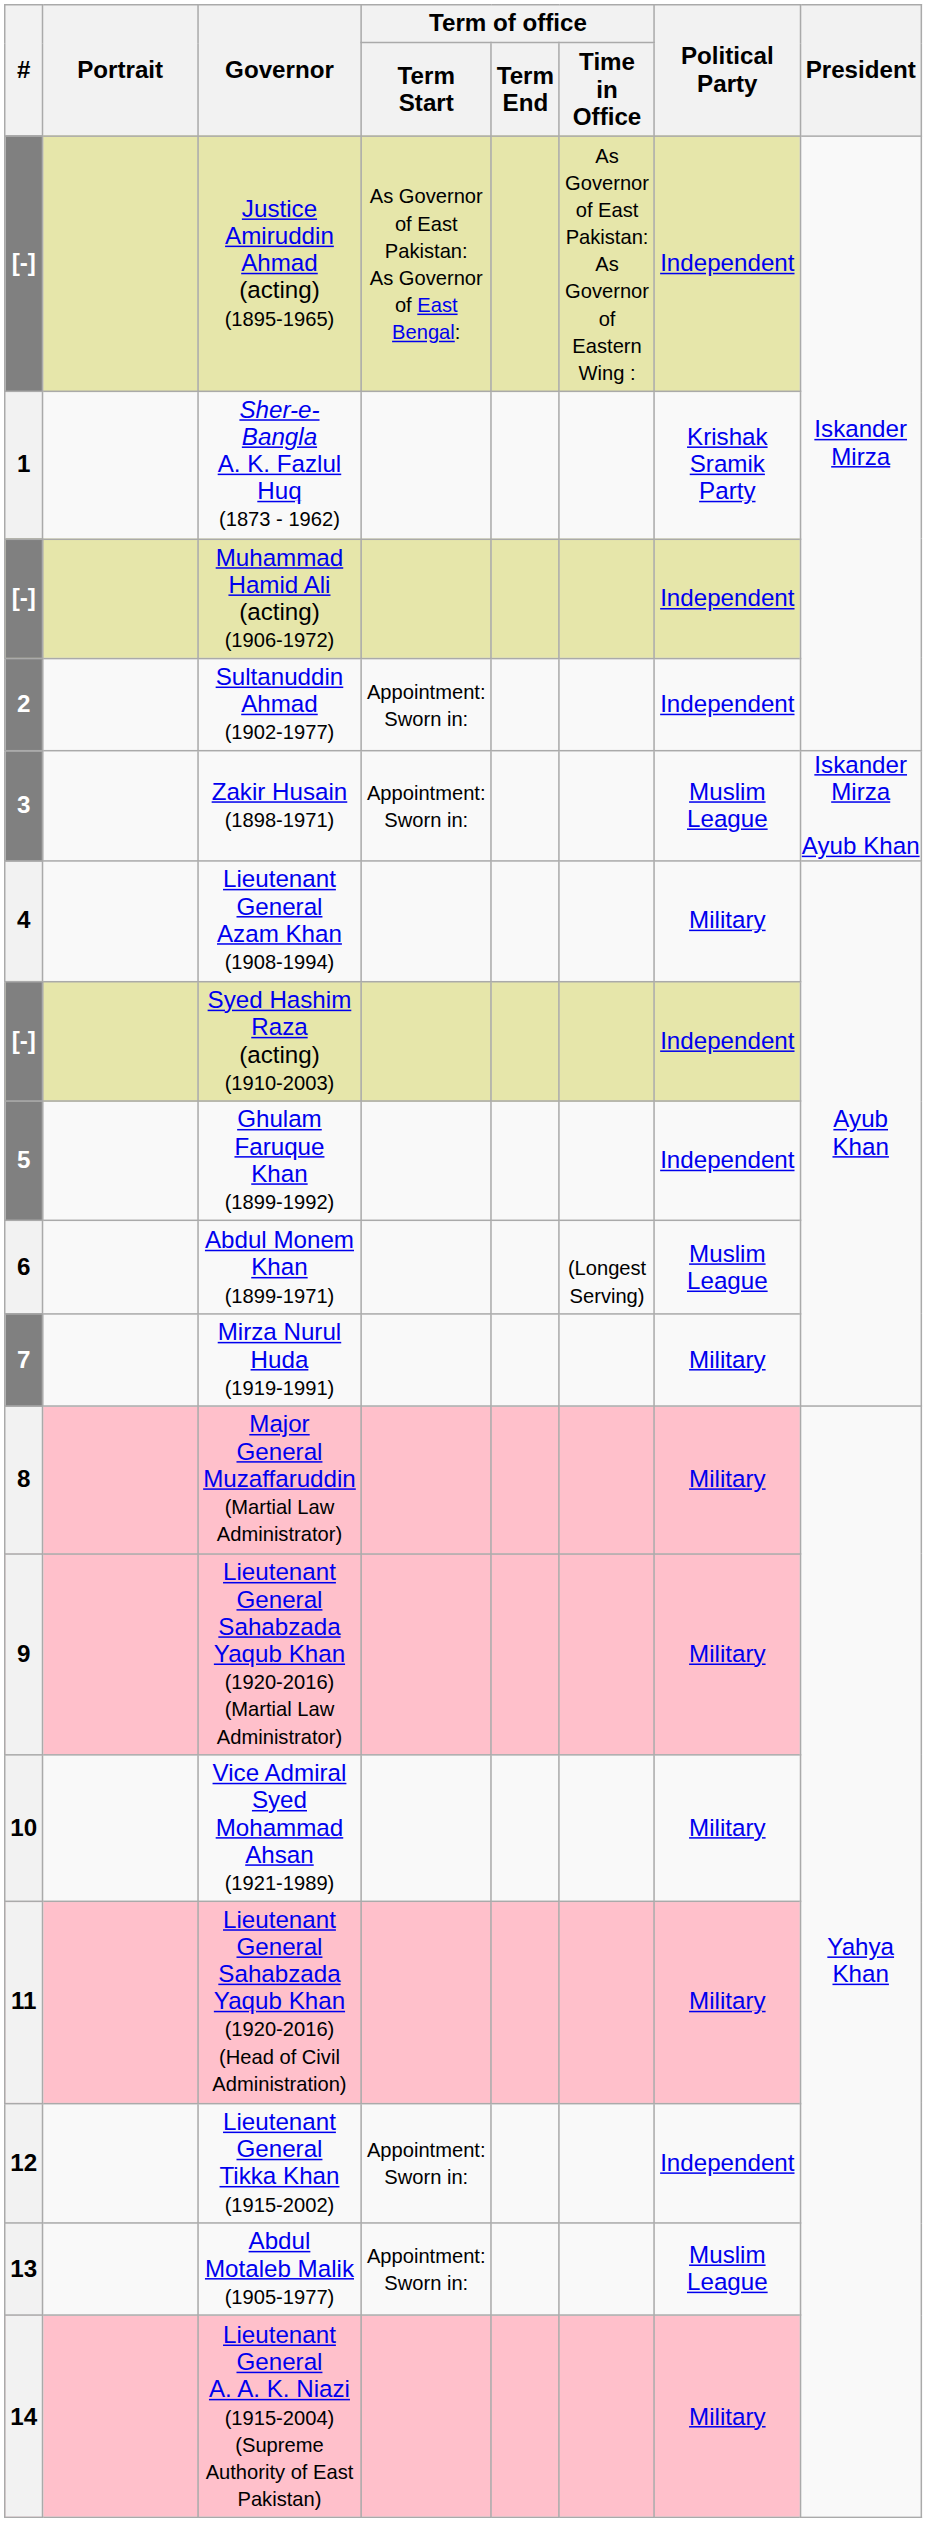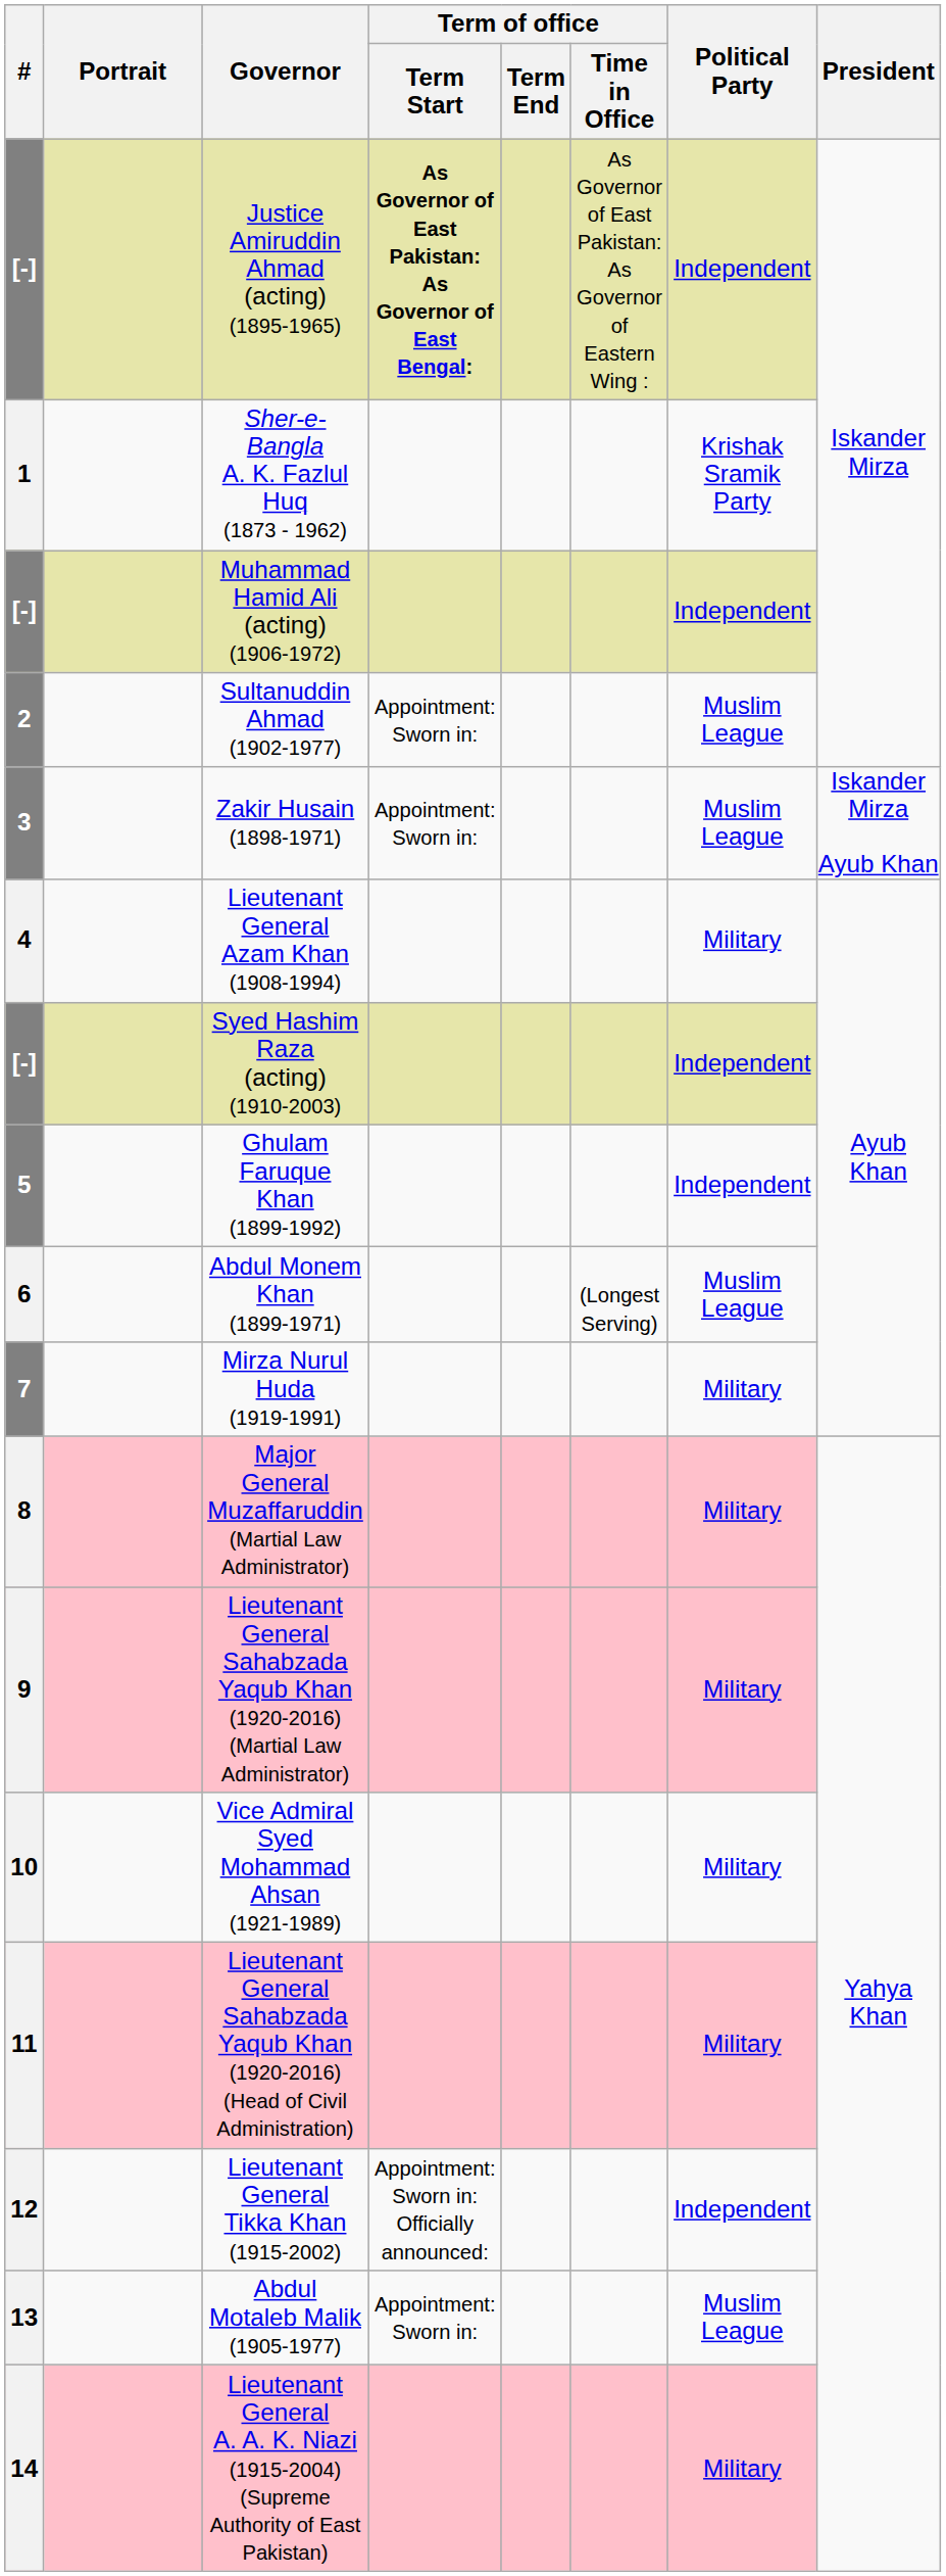 <table class="wikitable sortable" style="text-align:center">
 <tr>
 <th rowspan="2" class="unsortable">#</th>
 <th rowspan="2" class="unsortable" style="width:120px;">Portrait</th>
 <th rowspan="2">Governor</th>
 <th colspan="3">Term of office</th>
 <th rowspan="2">Political Party</th>
 <th rowspan="2">President</th>
 </tr>
 <tr>
 <th>Term Start</th>
 <th>Term End</th>
 <th>Time in Office</th>
 </tr>
 <tr>
 <td style="background-color:gray; color:white;"><strong>[-]</strong></td>
 <td style="background:#e6e6aa;"></td>
 <td style="background:#e6e6aa;"><a href='#'>Justice</a><br><a href='#'>Amiruddin Ahmad</a><br>(acting)<br><small>(1895-1965)</small></td>
-<td style="background:#e6e6aa;"><small>As Governor of East Pakistan:</small><br><small>As Governor of <a href='#'>East Bengal</a>:</small> </td>
+<td style="background:#e6e6aa;"><strong><small>As Governor of East Pakistan:</small><br><small>As Governor of <a href='#'>East Bengal</a>:</small> </strong></td>
 <td style="background:#e6e6aa;"></td>
 <td style="background:#e6e6aa;"><small>As Governor of East Pakistan:</small><br><small>As Governor of Eastern Wing :</small> </td>
 <td style="background:#e6e6aa;"><a href='#'>Independent</a></td>
 <td rowspan="4"><a href='#'>Iskander Mirza</a></td>
 </tr>
 <tr>
 <th style="background-color: ">1</th>
 <td></td>
 <td><em><a href='#'>Sher-e-Bangla</a></em><br><a href='#'>A. K. Fazlul Huq</a><br><small>(1873 - 1962)</small></td>
 <td></td>
 <td></td>
 <td></td>
 <td><a href='#'>Krishak Sramik Party</a></td>
 </tr>
 <tr style="background:#e6e6aa;">
 <th style="background-color: gray; color:white"><strong>[-]</strong></th>
 <td></td>
 <td><a href='#'>Muhammad Hamid Ali</a><br>(acting)<br><small>(1906-1972)</small></td>
 <td></td>
 <td></td>
 <td></td>
 <td><a href='#'>Independent</a></td>
 </tr>
 <tr>
 <th style="background-color: gray; color:white">2</th>
 <td></td>
 <td><a href='#'>Sultanuddin Ahmad</a><br><small>(1902-1977)</small></td>
 <td><small>Appointment:</small><br><small>Sworn in:</small> </td>
 <td></td>
 <td></td>
-<td><a href='#'>Independent</a></td>
+<td><a href='#'>Muslim League</a></td>
 </tr>
 <tr>
 <th style="background-color: gray; color:white">3</th>
 <td></td>
 <td><a href='#'>Zakir Husain</a><br><small>(1898-1971)</small></td>
 <td><small>Appointment:</small><br><small>Sworn in:</small> </td>
 <td></td>
 <td></td>
 <td><a href='#'>Muslim League</a></td>
 <td style="padding:0;"><div><a href='#'>Iskander Mirza</a></div><br><div><a href='#'>Ayub Khan</a></div></td>
 </tr>
 <tr>
 <th style="background-color: ">4<br></th>
 <td></td>
 <td><a href='#'>Lieutenant General</a><br><a href='#'>Azam Khan</a><br><small>(1908-1994)</small></td>
 <td></td>
 <td></td>
 <td></td>
 <td><a href='#'>Military</a></td>
 <td rowspan="5"><a href='#'>Ayub Khan</a></td>
 </tr>
 <tr style="background:#e6e6aa;">
 <td style="background-color:gray; color:white;"><strong>[-]</strong></td>
 <td></td>
 <td><a href='#'>Syed Hashim Raza</a><br>(acting)<br><small>(1910-2003)</small></td>
 <td></td>
 <td></td>
 <td></td>
 <td><a href='#'>Independent</a></td>
 </tr>
 <tr>
 <th style="background-color: gray; color:white">5</th>
 <td></td>
 <td><a href='#'>Ghulam Faruque Khan</a><br><small>(1899-1992)</small></td>
 <td></td>
 <td></td>
 <td></td>
 <td><a href='#'>Independent</a></td>
 </tr>
 <tr>
 <th style="background-color: ">6</th>
 <td></td>
 <td><a href='#'>Abdul Monem Khan</a><br><small>(1899-1971)</small></td>
 <td></td>
 <td></td>
 <td><br><small>(Longest Serving)</small></td>
 <td><a href='#'>Muslim League</a></td>
 </tr>
 <tr>
 <th style="background-color: gray; color:white">7</th>
 <td></td>
 <td><a href='#'>Mirza Nurul Huda</a><br><small>(1919-1991)</small></td>
 <td></td>
 <td></td>
 <td></td>
 <td><a href='#'>Military</a></td>
 </tr>
 <tr>
 <th style="background-color: ">8</th>
 <td style="background-color: pink;"></td>
 <td style="background-color: pink;"><a href='#'>Major General</a><br><a href='#'>Muzaffaruddin</a><br><small>(Martial Law Administrator)</small></td>
 <td style="background-color: pink;"></td>
 <td style="background-color: pink;"></td>
 <td style="background-color: pink;"></td>
 <td style="background-color: pink;"><a href='#'>Military</a></td>
 <td rowspan="7"><a href='#'>Yahya Khan</a></td>
 </tr>
 <tr style="background-color: pink;">
 <th style="background-color: ">9</th>
 <td></td>
 <td><a href='#'>Lieutenant General</a><br><a href='#'>Sahabzada Yaqub Khan</a><br><small>(1920-2016)</small><br><small>(Martial Law Administrator)</small></td>
 <td></td>
 <td></td>
 <td></td>
 <td><a href='#'>Military</a></td>
 </tr>
 <tr>
 <th style="background-color: ">10</th>
 <td></td>
 <td><a href='#'>Vice Admiral</a><br><a href='#'>Syed Mohammad Ahsan</a><br><small>(1921-1989)</small></td>
 <td></td>
 <td></td>
 <td></td>
 <td><a href='#'>Military</a></td>
 </tr>
 <tr style="background-color: pink;">
 <th style="background-color: ">11</th>
 <td></td>
 <td><a href='#'>Lieutenant General</a><br><a href='#'>Sahabzada Yaqub Khan</a><br><small>(1920-2016)</small><br><small>(Head of Civil Administration)</small></td>
 <td></td>
 <td></td>
 <td></td>
 <td><a href='#'>Military</a></td>
 </tr>
 <tr>
 <th style="background-color: ">12</th>
 <td></td>
 <td><a href='#'>Lieutenant General</a><br><a href='#'>Tikka Khan</a><br><small>(1915-2002)</small></td>
-<td><small>Appointment:</small><br><small>Sworn in:</small> </td>
+<td><small>Appointment:</small><br><small>Sworn in:</small> <small>Officially announced:</small> </td>
 <td></td>
 <td></td>
 <td><a href='#'>Independent</a></td>
 </tr>
 <tr>
 <th style="background-color: ">13</th>
 <td></td>
 <td><a href='#'>Abdul Motaleb Malik</a><br><small>(1905-1977)</small></td>
 <td><small>Appointment:</small><br><small>Sworn in:</small> </td>
 <td></td>
 <td></td>
 <td><a href='#'>Muslim League</a></td>
 </tr>
 <tr style="background-color: pink;">
 <th style="background-color: ">14</th>
 <td></td>
 <td><a href='#'>Lieutenant General</a><br><a href='#'>A. A. K. Niazi</a><br><small>(1915-2004)</small><br><small>(Supreme Authority of East Pakistan)</small></td>
 <td></td>
 <td></td>
 <td></td>
 <td><a href='#'>Military</a></td>
 </tr>
 </table>
